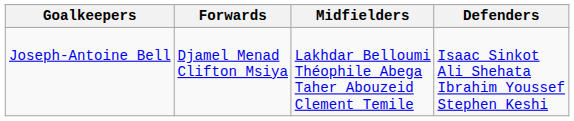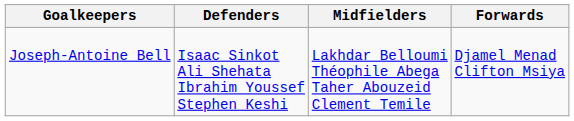 <table class="wikitable" style="margin:0 auto">
 <tr>
 <th>Goalkeepers</th>
+<th>Defenders</th>
+<th>Midfielders</th>
 <th>Forwards</th>
-<th>Midfielders</th>
-<th>Defenders</th>
 </tr>
 <tr>
 <td align=left valign=top><br> <a href='#'>Joseph-Antoine Bell</a></td>
+<td align=left valign=top><br> <a href='#'>Isaac Sinkot</a> <br>  <a href='#'>Ali Shehata</a> <br>  <a href='#'>Ibrahim Youssef</a> <br>  <a href='#'>Stephen Keshi</a></td>
+<td align=left valign=top><br> <a href='#'>Lakhdar Belloumi</a> <br>  <a href='#'>Théophile Abega</a> <br>  <a href='#'>Taher Abouzeid</a> <br>  <a href='#'>Clement Temile</a></td>
 <td align=left valign=top><br> <a href='#'>Djamel Menad</a> <br>  <a href='#'>Clifton Msiya</a></td>
-<td align=left valign=top><br> <a href='#'>Lakhdar Belloumi</a> <br>  <a href='#'>Théophile Abega</a> <br>  <a href='#'>Taher Abouzeid</a> <br>  <a href='#'>Clement Temile</a></td>
-<td align=left valign=top><br> <a href='#'>Isaac Sinkot</a> <br>  <a href='#'>Ali Shehata</a> <br>  <a href='#'>Ibrahim Youssef</a> <br>  <a href='#'>Stephen Keshi</a></td>
 </tr>
 </table>
